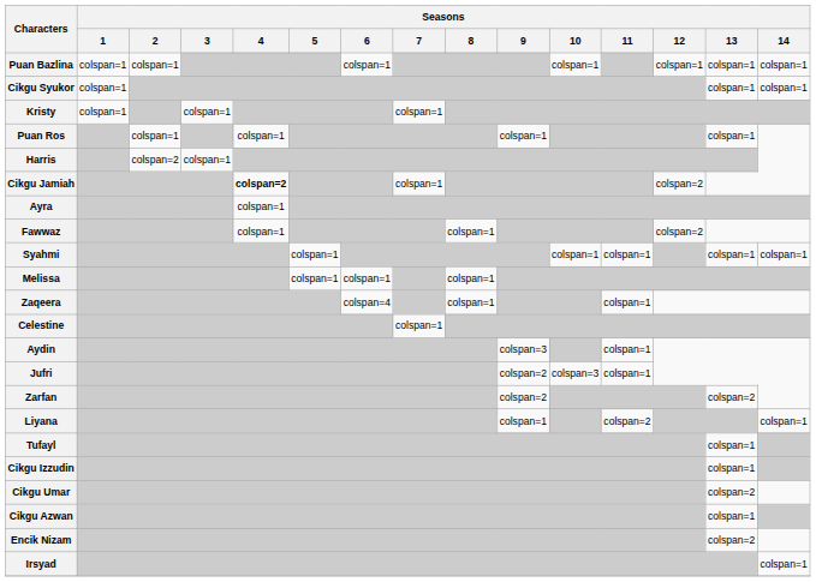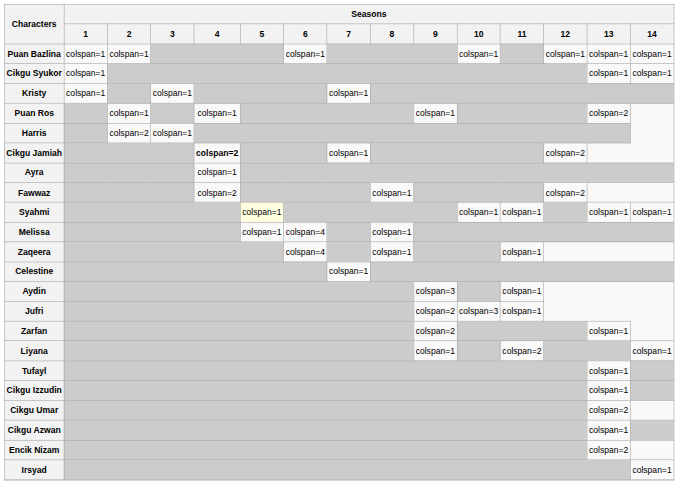 <table class="wikitable sortable" style=" text-align:center; font-size:85%;  line-height:25px; width:auto;">
 <tr>
 <th rowspan=2 scope="col" style="background: #0000Z0;color: black">Characters</th>
 <th colspan=14 scope="col" style="background:#0000Z0;color: black">Seasons</th>
 </tr>
 <tr>
 <th>1</th>
 <th>2</th>
 <th>3</th>
 <th>4</th>
 <th>5</th>
 <th>6</th>
 <th>7</th>
 <th>8</th>
 <th>9</th>
 <th>10</th>
 <th>11</th>
 <th>12</th>
 <th>13</th>
 <th>14</th>
 </tr>
 <tr>
 <th>Puan Bazlina</th>
 <td>colspan=1 </td>
 <td>colspan=1 </td>
 <td colspan=3 style="background:#ccc"></td>
 <td>colspan=1 </td>
 <td colspan=3 style="background:#ccc"></td>
 <td>colspan=1 </td>
 <td colspan=1 style="background:#ccc"></td>
 <td>colspan=1 </td>
 <td>colspan=1 </td>
 <td>colspan=1 </td>
 </tr>
 <tr>
 <th>Cikgu Syukor</th>
 <td>colspan=1 </td>
 <td colspan=11 style="background:#ccc"></td>
 <td>colspan=1 </td>
 <td>colspan=1 </td>
 </tr>
 <tr>
 <th>Kristy</th>
 <td>colspan=1 </td>
 <td colspan=1 style="background:#ccc"></td>
 <td>colspan=1 </td>
 <td colspan=3 style="background:#ccc"></td>
 <td>colspan=1 </td>
 <td colspan=7 style="background:#ccc"></td>
 </tr>
 <tr>
 <th>Puan Ros</th>
 <td colspan=1 style="background:#ccc"></td>
 <td>colspan=1 </td>
 <td colspan=1 style="background:#ccc"></td>
 <td>colspan=1 </td>
 <td colspan=4 style="background:#ccc"></td>
 <td>colspan=1 </td>
 <td colspan=3 style="background:#ccc"></td>
-<td>colspan=1 </td>
+<td>colspan=2 </td>
 </tr>
 <tr>
 <th>Harris</th>
 <td colspan=1 style="background:#ccc"></td>
 <td>colspan=2 </td>
 <td>colspan=1 </td>
 <td colspan=10 style="background:#ccc"></td>
 </tr>
 <tr>
 <th>Cikgu Jamiah</th>
 <td colspan=3 style="background:#ccc"></td>
 <td><strong>colspan=2 </strong></td>
 <td colspan=2 style="background:#ccc"></td>
 <td>colspan=1 </td>
 <td colspan=4 style="background:#ccc"></td>
 <td>colspan=2 </td>
 </tr>
 <tr>
 <th>Ayra</th>
 <td colspan=3 style="background:#ccc"></td>
 <td>colspan=1 </td>
 <td colspan=10 style="background:#ccc"></td>
 </tr>
 <tr>
 <th>Fawwaz</th>
 <td colspan=3 style="background:#ccc"></td>
-<td>colspan=1 </td>
+<td>colspan=2 </td>
 <td colspan=3 style="background:#ccc"></td>
 <td>colspan=1 </td>
 <td colspan=3 style="background:#ccc"></td>
 <td>colspan=2 </td>
 </tr>
 <tr>
 <th>Syahmi</th>
 <td colspan=4 style="background:#ccc"></td>
-<td>colspan=1 </td>
+<td style="background: lightyellow;">colspan=1 </td>
 <td colspan=4 style="background:#ccc"></td>
 <td>colspan=1 </td>
 <td>colspan=1 </td>
 <td colspan=1 style="background:#ccc"></td>
 <td>colspan=1 </td>
 <td>colspan=1 </td>
 </tr>
 <tr>
 <th>Melissa</th>
 <td colspan=4 style="background:#ccc"></td>
 <td>colspan=1 </td>
-<td>colspan=1 </td>
+<td>colspan=4 </td>
 <td colspan=1 style="background:#ccc"></td>
 <td>colspan=1 </td>
 <td colspan=6 style="background:#ccc"></td>
 </tr>
 <tr>
 <th>Zaqeera</th>
 <td colspan=5 style="background:#ccc"></td>
 <td>colspan=4 </td>
 <td colspan=1 style="background:#ccc"></td>
 <td>colspan=1 </td>
 <td colspan=2 style="background:#ccc"></td>
 <td>colspan=1 </td>
 </tr>
 <tr>
 <th>Celestine</th>
 <td colspan=6 style="background:#ccc"></td>
 <td>colspan=1 </td>
 <td colspan=7 style="background:#ccc"></td>
 </tr>
 <tr>
 <th>Aydin</th>
 <td colspan=8 style="background:#ccc"></td>
 <td>colspan=3 </td>
 <td colspan=1 style="background:#ccc"></td>
 <td>colspan=1 </td>
 </tr>
 <tr>
 <th>Jufri</th>
 <td colspan=8 style="background:#ccc"></td>
 <td>colspan=2 </td>
 <td>colspan=3 </td>
 <td>colspan=1 </td>
 </tr>
 <tr>
 <th>Zarfan</th>
 <td colspan=8 style="background:#ccc"></td>
 <td>colspan=2 </td>
 <td colspan=3 style="background:#ccc"></td>
-<td>colspan=2 </td>
+<td>colspan=1 </td>
 </tr>
 <tr>
 <th>Liyana</th>
 <td colspan=8 style="background:#ccc"></td>
 <td>colspan=1 </td>
 <td colspan=1 style="background:#ccc"></td>
 <td>colspan=2 </td>
 <td colspan=2 style="background:#ccc"></td>
 <td>colspan=1 </td>
 </tr>
 <tr>
 <th>Tufayl</th>
 <td colspan=12 style="background:#ccc"></td>
 <td>colspan=1 </td>
 <td colspan=1 style="background:#ccc"></td>
 </tr>
 <tr>
 <th>Cikgu Izzudin</th>
 <td colspan=12 style="background:#ccc"></td>
 <td>colspan=1 </td>
 <td colspan=1 style="background:#ccc"></td>
 </tr>
 <tr>
 <th>Cikgu Umar</th>
 <td colspan=12 style="background:#ccc"></td>
 <td>colspan=2 </td>
 </tr>
 <tr>
 <th>Cikgu Azwan</th>
 <td colspan=12 style="background:#ccc"></td>
 <td>colspan=1 </td>
 <td colspan=1 style="background:#ccc"></td>
 </tr>
 <tr>
 <th>Encik Nizam</th>
 <td colspan=12 style="background:#ccc"></td>
 <td>colspan=2 </td>
 </tr>
 <tr>
 <th>Irsyad</th>
 <td colspan=13 style="background:#ccc"></td>
 <td>colspan=1 </td>
 </tr>
 <tr>
 </tr>
 </table>
